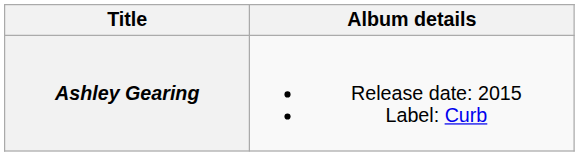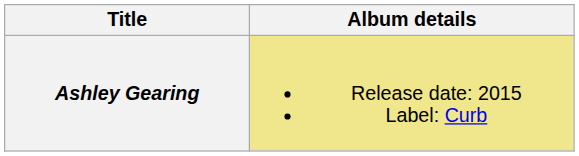 <table class="wikitable plainrowheaders" style="text-align:center;">
 <tr>
 <th style="width:12em;">Title</th>
 <th style="width:16em;">Album details</th>
 </tr>
 <tr>
 <th scope="row"><em>Ashley Gearing</em></th>
-<td><br><ul><li>Release date: 2015</li><li>Label: <a href='#'>Curb</a></li></ul></td>
+<td style="background: khaki;"><br><ul><li>Release date: 2015</li><li>Label: <a href='#'>Curb</a></li></ul></td>
 </tr>
 </table>
